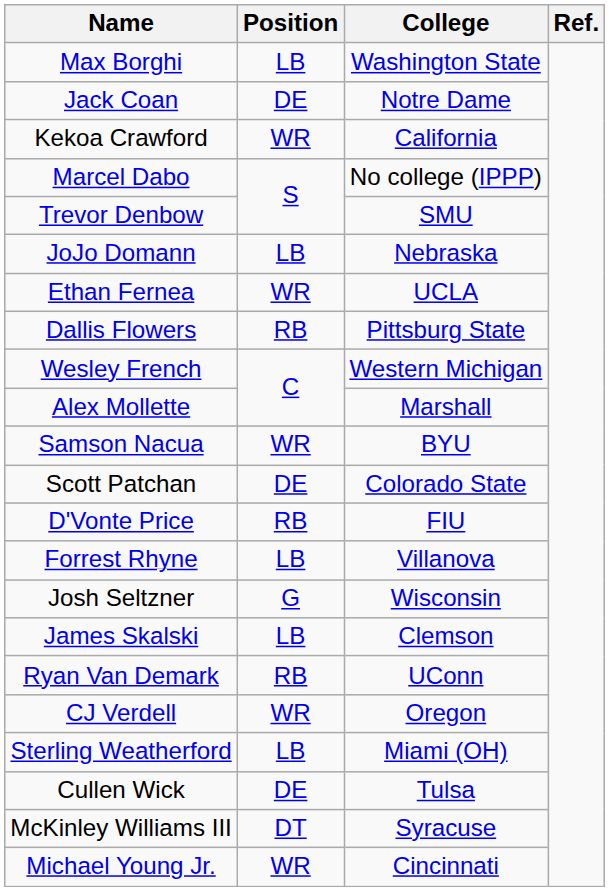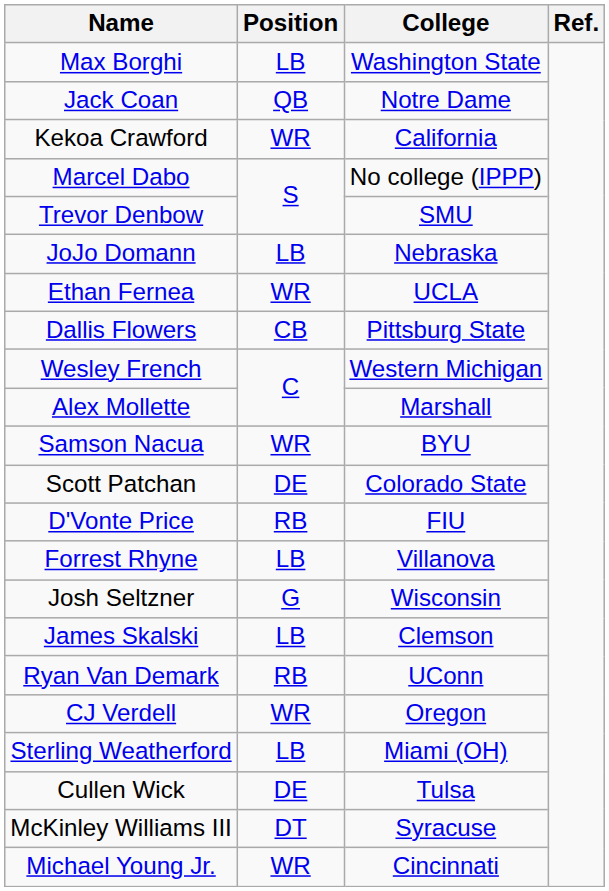 <table class="wikitable" style="text-align:center">
 <tr>
 <th>Name</th>
 <th>Position</th>
 <th>College</th>
 <th>Ref.</th>
 </tr>
 <tr>
 <td><a href='#'>Max Borghi</a></td>
 <td><a href='#'>LB</a></td>
 <td><a href='#'>Washington State</a></td>
 <td rowspan = 22></td>
 </tr>
 <tr>
 <td><a href='#'>Jack Coan</a></td>
-<td><a href='#'>DE</a></td>
+<td><a href='#'>QB</a></td>
 <td><a href='#'>Notre Dame</a></td>
 </tr>
 <tr>
 <td>Kekoa Crawford</td>
 <td><a href='#'>WR</a></td>
 <td><a href='#'>California</a></td>
 </tr>
 <tr>
 <td><a href='#'>Marcel Dabo</a></td>
 <td rowspan = 2><a href='#'>S</a></td>
 <td>No college (<a href='#'>IPPP</a>)</td>
 </tr>
 <tr>
 <td><a href='#'>Trevor Denbow</a></td>
 <td><a href='#'>SMU</a></td>
 </tr>
 <tr>
 <td><a href='#'>JoJo Domann</a></td>
 <td><a href='#'>LB</a></td>
 <td><a href='#'>Nebraska</a></td>
 </tr>
 <tr>
 <td><a href='#'>Ethan Fernea</a></td>
 <td><a href='#'>WR</a></td>
 <td><a href='#'>UCLA</a></td>
 </tr>
 <tr>
 <td><a href='#'>Dallis Flowers</a></td>
-<td><a href='#'>RB</a></td>
+<td><a href='#'>CB</a></td>
 <td><a href='#'>Pittsburg State</a></td>
 </tr>
 <tr>
 <td><a href='#'>Wesley French</a></td>
 <td rowspan = 2><a href='#'>C</a></td>
 <td><a href='#'>Western Michigan</a></td>
 </tr>
 <tr>
 <td><a href='#'>Alex Mollette</a></td>
 <td><a href='#'>Marshall</a></td>
 </tr>
 <tr>
 <td><a href='#'>Samson Nacua</a></td>
 <td><a href='#'>WR</a></td>
 <td><a href='#'>BYU</a></td>
 </tr>
 <tr>
 <td>Scott Patchan</td>
 <td><a href='#'>DE</a></td>
 <td><a href='#'>Colorado State</a></td>
 </tr>
 <tr>
 <td><a href='#'>D'Vonte Price</a></td>
 <td><a href='#'>RB</a></td>
 <td><a href='#'>FIU</a></td>
 </tr>
 <tr>
 <td><a href='#'>Forrest Rhyne</a></td>
 <td><a href='#'>LB</a></td>
 <td><a href='#'>Villanova</a></td>
 </tr>
 <tr>
 <td>Josh Seltzner</td>
 <td><a href='#'>G</a></td>
 <td><a href='#'>Wisconsin</a></td>
 </tr>
 <tr>
 <td><a href='#'>James Skalski</a></td>
 <td><a href='#'>LB</a></td>
 <td><a href='#'>Clemson</a></td>
 </tr>
 <tr>
 <td><a href='#'>Ryan Van Demark</a></td>
 <td><a href='#'>RB</a></td>
 <td><a href='#'>UConn</a></td>
 </tr>
 <tr>
 <td><a href='#'>CJ Verdell</a></td>
 <td><a href='#'>WR</a></td>
 <td><a href='#'>Oregon</a></td>
 </tr>
 <tr>
 <td><a href='#'>Sterling Weatherford</a></td>
 <td><a href='#'>LB</a></td>
 <td><a href='#'>Miami (OH)</a></td>
 </tr>
 <tr>
 <td>Cullen Wick</td>
 <td><a href='#'>DE</a></td>
 <td><a href='#'>Tulsa</a></td>
 </tr>
 <tr>
 <td>McKinley Williams III</td>
 <td><a href='#'>DT</a></td>
 <td><a href='#'>Syracuse</a></td>
 </tr>
 <tr>
 <td><a href='#'>Michael Young Jr.</a></td>
 <td><a href='#'>WR</a></td>
 <td><a href='#'>Cincinnati</a></td>
 </tr>
 </table>
